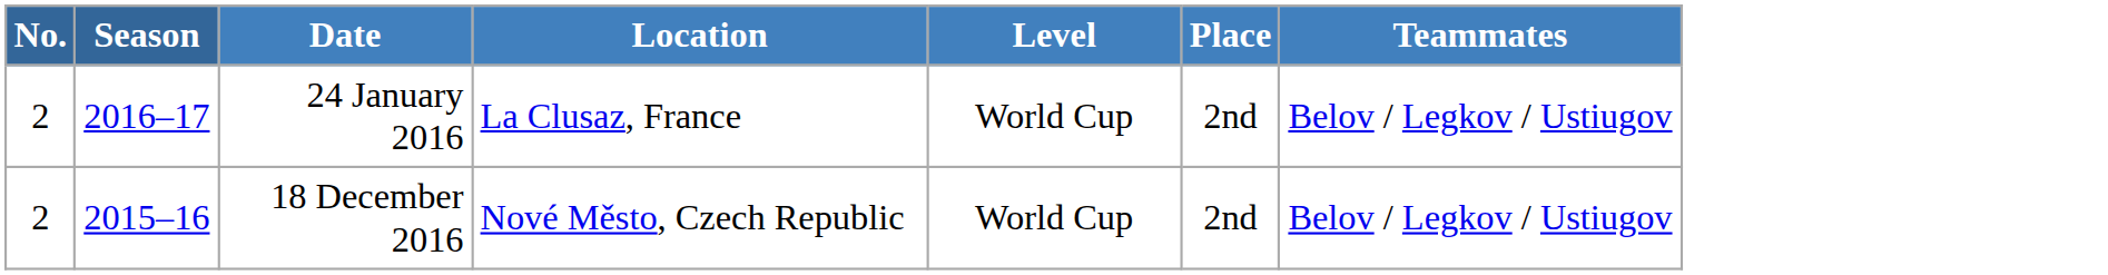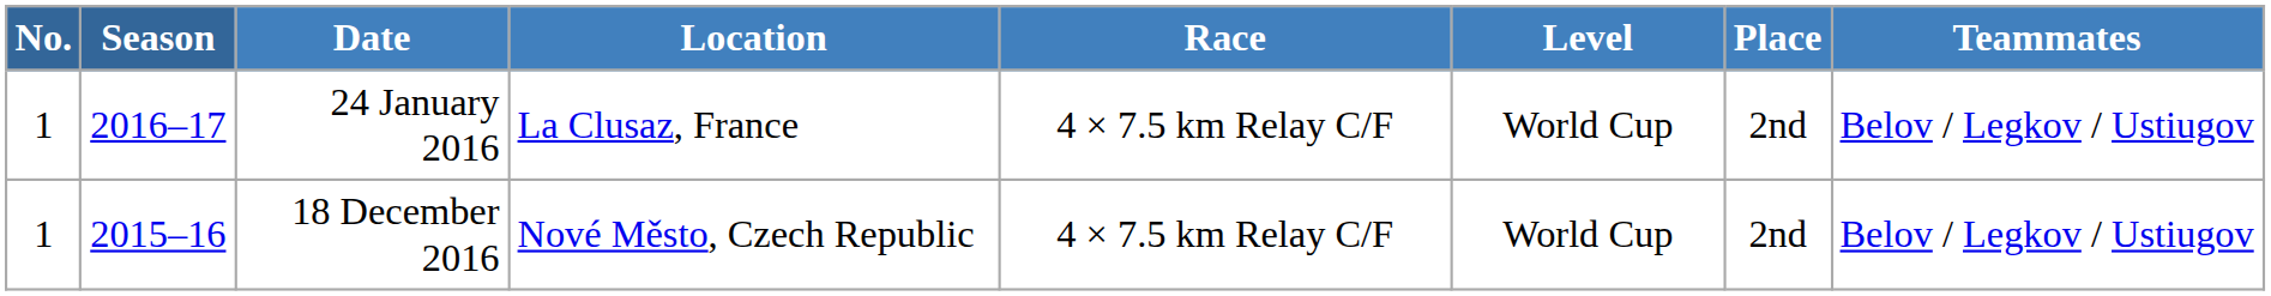 <table class="wikitable sortable" style="font-size:95%; text-align:center; border:grey solid 1px; border-collapse:collapse; background:#ffffff;">
 <tr style="background:#efefef;">
 <th style="background-color:#369; color:white;">No.</th>
 <th style="background-color:#369; color:white;">Season</th>
 <th style="background-color:#4180be; color:white; width:100px;">Date</th>
 <th style="background-color:#4180be; color:white; width:185px;">Location</th>
+<th style="background-color:#4180be; color:white; width:170px;">Race</th>
 <th style="background-color:#4180be; color:white; width:100px;">Level</th>
 <th style="background-color:#4180be; color:white;">Place</th>
 <th style="background-color:#4180be; color:white;">Teammates</th>
 </tr>
 <tr>
-<td align=center>2</td>
+<td align=center>1</td>
 <td align=center><a href='#'>2016–17</a></td>
 <td align=right>24 January 2016</td>
 <td align=left> <a href='#'>La Clusaz</a>, France</td>
+<td>4 × 7.5 km Relay C/F</td>
 <td>World Cup</td>
 <td>2nd</td>
 <td><a href='#'>Belov</a> / <a href='#'>Legkov</a> / <a href='#'>Ustiugov</a></td>
 </tr>
 <tr>
-<td align=center>2</td>
+<td align=center>1</td>
 <td align=center><a href='#'>2015–16</a></td>
 <td align=right>18 December 2016</td>
 <td align=left> <a href='#'>Nové Město</a>, Czech Republic</td>
+<td>4 × 7.5 km Relay C/F</td>
 <td>World Cup</td>
 <td>2nd</td>
 <td><a href='#'>Belov</a> / <a href='#'>Legkov</a> / <a href='#'>Ustiugov</a></td>
 </tr>
 </table>
